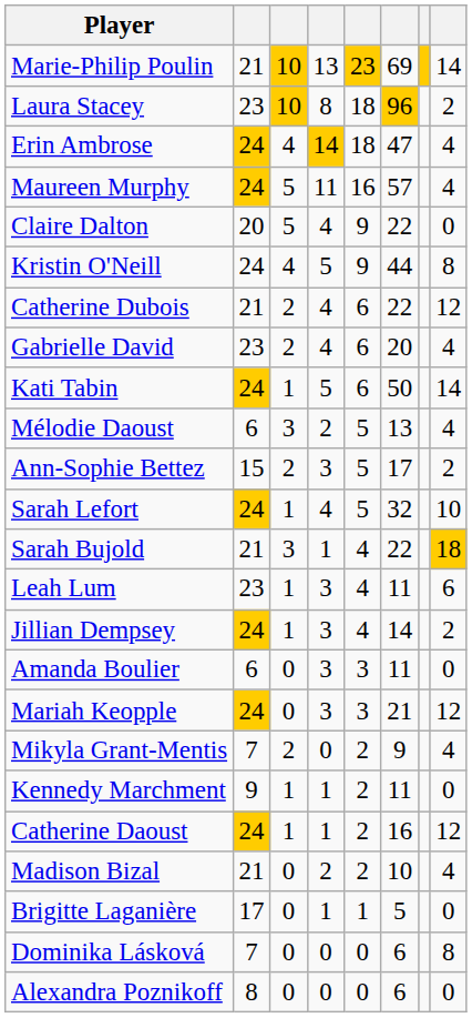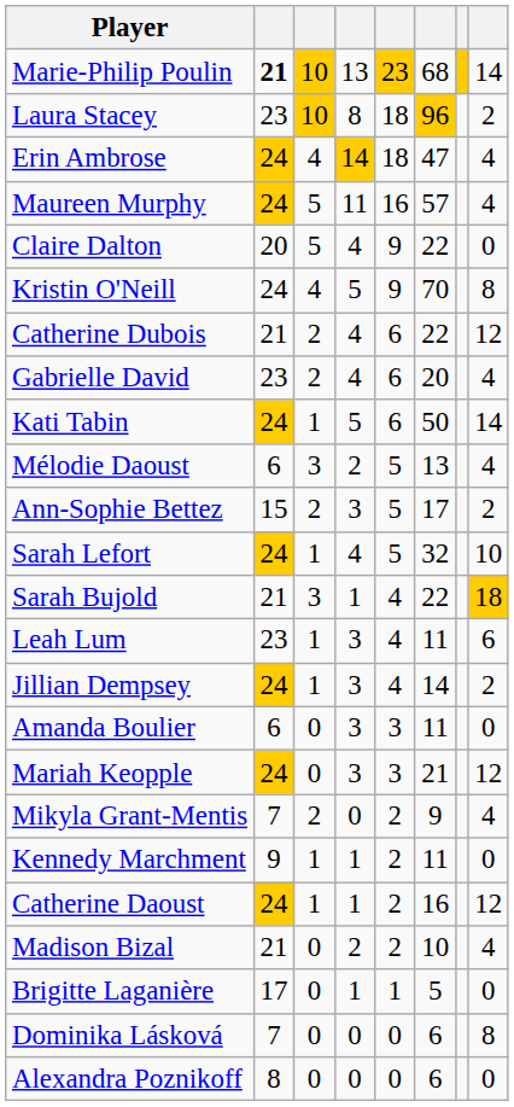 <table class="wikitable sortable" style="text-align:center;">
 <tr>
 <th>Player</th>
 <th></th>
 <th></th>
 <th></th>
 <th></th>
 <th></th>
 <th data-sort-type="number"></th>
 <th></th>
 </tr>
 <tr>
 <td style="text-align:left;"><a href='#'>Marie-Philip Poulin</a></td>
-<td>21</td>
+<td><strong>21</strong></td>
 <td style="background:#fc0;">10</td>
 <td>13</td>
 <td style="background:#fc0;">23</td>
-<td>69</td>
+<td>68</td>
 <td style="background:#fc0;"></td>
 <td>14</td>
 </tr>
 <tr>
 <td style="text-align:left;"><a href='#'>Laura Stacey</a></td>
 <td>23</td>
 <td style="background:#fc0;">10</td>
 <td>8</td>
 <td>18</td>
 <td style="background:#fc0;">96</td>
 <td></td>
 <td>2</td>
 </tr>
 <tr>
 <td style="text-align:left;"><a href='#'>Erin Ambrose</a></td>
 <td style="background:#fc0;">24</td>
 <td>4</td>
 <td style="background:#fc0;">14</td>
 <td>18</td>
 <td>47</td>
 <td></td>
 <td>4</td>
 </tr>
 <tr>
 <td style="text-align:left;"><a href='#'>Maureen Murphy</a></td>
 <td style="background:#fc0;">24</td>
 <td>5</td>
 <td>11</td>
 <td>16</td>
 <td>57</td>
 <td></td>
 <td>4</td>
 </tr>
 <tr>
 <td style="text-align:left;"><a href='#'>Claire Dalton</a></td>
 <td>20</td>
 <td>5</td>
 <td>4</td>
 <td>9</td>
 <td>22</td>
 <td></td>
 <td>0</td>
 </tr>
 <tr>
 <td style="text-align:left;"><a href='#'>Kristin O'Neill</a></td>
 <td>24</td>
 <td>4</td>
 <td>5</td>
 <td>9</td>
-<td>44</td>
+<td>70</td>
 <td></td>
 <td>8</td>
 </tr>
 <tr>
 <td style="text-align:left;"><a href='#'>Catherine Dubois</a></td>
 <td>21</td>
 <td>2</td>
 <td>4</td>
 <td>6</td>
 <td>22</td>
 <td></td>
 <td>12</td>
 </tr>
 <tr>
 <td style="text-align:left;"><a href='#'>Gabrielle David</a></td>
 <td>23</td>
 <td>2</td>
 <td>4</td>
 <td>6</td>
 <td>20</td>
 <td></td>
 <td>4</td>
 </tr>
 <tr>
 <td style="text-align:left;"><a href='#'>Kati Tabin</a></td>
 <td style="background:#fc0;">24</td>
 <td>1</td>
 <td>5</td>
 <td>6</td>
 <td>50</td>
 <td></td>
 <td>14</td>
 </tr>
 <tr>
 <td style="text-align:left;"><a href='#'>Mélodie Daoust</a></td>
 <td>6</td>
 <td>3</td>
 <td>2</td>
 <td>5</td>
 <td>13</td>
 <td></td>
 <td>4</td>
 </tr>
 <tr>
 <td style="text-align:left;"><a href='#'>Ann-Sophie Bettez</a></td>
 <td>15</td>
 <td>2</td>
 <td>3</td>
 <td>5</td>
 <td>17</td>
 <td></td>
 <td>2</td>
 </tr>
 <tr>
 <td style="text-align:left;"><a href='#'>Sarah Lefort</a></td>
 <td style="background:#fc0;">24</td>
 <td>1</td>
 <td>4</td>
 <td>5</td>
 <td>32</td>
 <td></td>
 <td>10</td>
 </tr>
 <tr>
 <td style="text-align:left;"><a href='#'>Sarah Bujold</a></td>
 <td>21</td>
 <td>3</td>
 <td>1</td>
 <td>4</td>
 <td>22</td>
 <td></td>
 <td style="background:#fc0;">18</td>
 </tr>
 <tr>
 <td style="text-align:left;"><a href='#'>Leah Lum</a></td>
 <td>23</td>
 <td>1</td>
 <td>3</td>
 <td>4</td>
 <td>11</td>
 <td></td>
 <td>6</td>
 </tr>
 <tr>
 <td style="text-align:left;"><a href='#'>Jillian Dempsey</a></td>
 <td style="background:#fc0;">24</td>
 <td>1</td>
 <td>3</td>
 <td>4</td>
 <td>14</td>
 <td></td>
 <td>2</td>
 </tr>
 <tr>
 <td style="text-align:left;"><a href='#'>Amanda Boulier</a></td>
 <td>6</td>
 <td>0</td>
 <td>3</td>
 <td>3</td>
 <td>11</td>
 <td></td>
 <td>0</td>
 </tr>
 <tr>
 <td style="text-align:left;"><a href='#'>Mariah Keopple</a></td>
 <td style="background:#fc0;">24</td>
 <td>0</td>
 <td>3</td>
 <td>3</td>
 <td>21</td>
 <td></td>
 <td>12</td>
 </tr>
 <tr>
 <td style="text-align:left;"><a href='#'>Mikyla Grant-Mentis</a></td>
 <td>7</td>
 <td>2</td>
 <td>0</td>
 <td>2</td>
 <td>9</td>
 <td></td>
 <td>4</td>
 </tr>
 <tr>
 <td style="text-align:left;"><a href='#'>Kennedy Marchment</a></td>
 <td>9</td>
 <td>1</td>
 <td>1</td>
 <td>2</td>
 <td>11</td>
 <td></td>
 <td>0</td>
 </tr>
 <tr>
 <td style="text-align:left;"><a href='#'>Catherine Daoust</a></td>
 <td style="background:#fc0;">24</td>
 <td>1</td>
 <td>1</td>
 <td>2</td>
 <td>16</td>
 <td></td>
 <td>12</td>
 </tr>
 <tr>
 <td style="text-align:left;"><a href='#'>Madison Bizal</a></td>
 <td>21</td>
 <td>0</td>
 <td>2</td>
 <td>2</td>
 <td>10</td>
 <td></td>
 <td>4</td>
 </tr>
 <tr>
 <td style="text-align:left;"><a href='#'>Brigitte Laganière</a></td>
 <td>17</td>
 <td>0</td>
 <td>1</td>
 <td>1</td>
 <td>5</td>
 <td></td>
 <td>0</td>
 </tr>
 <tr>
 <td style="text-align:left;"><a href='#'>Dominika Lásková</a></td>
 <td>7</td>
 <td>0</td>
 <td>0</td>
 <td>0</td>
 <td>6</td>
 <td></td>
 <td>8</td>
 </tr>
 <tr>
 <td style="text-align:left;"><a href='#'>Alexandra Poznikoff</a></td>
 <td>8</td>
 <td>0</td>
 <td>0</td>
 <td>0</td>
 <td>6</td>
 <td></td>
 <td>0</td>
 </tr>
 </table>
